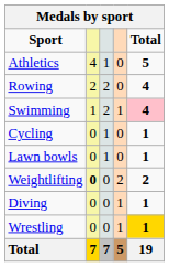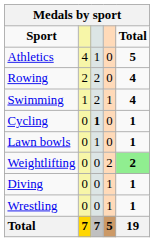 <table class="wikitable" style="text-align:center;font-size:90%">
 <tr style="background:#efefef;">
 <th colspan=7><strong>Medals by sport</strong></th>
 </tr>
 <tr>
 <td><strong>Sport</strong></td>
 <td bgcolor=#f7f6a8></td>
 <td bgcolor=#dce5e5></td>
 <td bgcolor=#ffdab9></td>
 <td><strong>Total</strong></td>
 </tr>
 <tr>
 <td style="text-align:left;"><a href='#'>Athletics</a></td>
 <td style="background:#F7F6A8;">4</td>
 <td style="background:#DCE5E5;">1</td>
 <td style="background:#FFDAB9;">0</td>
 <td><strong>5</strong></td>
 </tr>
 <tr>
 <td style="text-align:left;"><a href='#'>Rowing</a></td>
 <td style="background:#F7F6A8;">2</td>
 <td style="background:#DCE5E5;">2</td>
 <td style="background:#FFDAB9;">0</td>
 <td><strong>4</strong></td>
 </tr>
 <tr>
 <td style="text-align:left;"><a href='#'>Swimming</a></td>
 <td style="background:#F7F6A8;">1</td>
 <td style="background:#DCE5E5;">2</td>
 <td style="background:#FFDAB9;">1</td>
-<td style="background: pink;"><strong>4</strong></td>
+<td><strong>4</strong></td>
 </tr>
 <tr>
 <td style="text-align:left;"><a href='#'>Cycling</a></td>
 <td style="background:#F7F6A8;">0</td>
-<td style="background:#DCE5E5;">1</td>
+<td style="background:#DCE5E5;"><strong>1</strong></td>
 <td style="background:#FFDAB9;">0</td>
 <td><strong>1</strong></td>
 </tr>
 <tr>
 <td style="text-align:left;"><a href='#'>Lawn bowls</a></td>
 <td style="background:#F7F6A8;">0</td>
 <td style="background:#DCE5E5;">1</td>
 <td style="background:#FFDAB9;">0</td>
 <td><strong>1</strong></td>
 </tr>
 <tr>
 <td style="text-align:left;"><a href='#'>Weightlifting</a></td>
-<td style="background:#F7F6A8;"><strong>0</strong></td>
+<td style="background:#F7F6A8;">0</td>
 <td style="background:#DCE5E5;">0</td>
 <td style="background:#FFDAB9;">2</td>
-<td><strong>2</strong></td>
+<td style="background: lightgreen;"><strong>2</strong></td>
 </tr>
 <tr>
 <td style="text-align:left;"><a href='#'>Diving</a></td>
 <td style="background:#F7F6A8;">0</td>
 <td style="background:#DCE5E5;">0</td>
 <td style="background:#FFDAB9;">1</td>
 <td><strong>1</strong></td>
 </tr>
 <tr>
 <td style="text-align:left;"><a href='#'>Wrestling</a></td>
 <td style="background:#F7F6A8;">0</td>
 <td style="background:#DCE5E5;">0</td>
 <td style="background:#FFDAB9;">1</td>
-<td style="background: gold;"><strong>1</strong></td>
+<td><strong>1</strong></td>
 </tr>
 <tr>
 <th style="text-align:left;"><strong>Total</strong></th>
 <th style="background:gold;"><strong>7</strong></th>
 <th style="background:silver;"><strong>7</strong></th>
 <th style="background:#c96;"><strong>5</strong></th>
 <th><strong>19</strong></th>
 </tr>
 </table>
